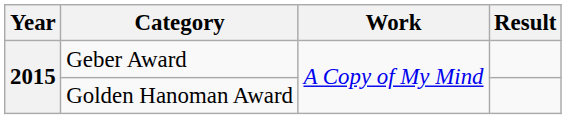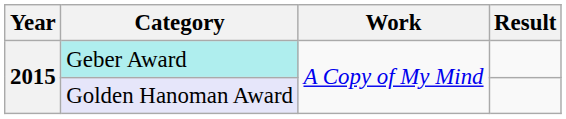 <table class="wikitable plainrowheaders sortable">
 <tr>
 <th>Year</th>
 <th>Category</th>
 <th>Work</th>
 <th>Result</th>
 </tr>
 <tr>
 <th rowspan="2">2015</th>
-<td>Geber Award</td>
+<td style="background: paleturquoise;">Geber Award</td>
 <td rowspan="2"><em><a href='#'>A Copy of My Mind</a></em></td>
 <td></td>
 </tr>
 <tr>
-<td>Golden Hanoman Award</td>
+<td style="background: lavender;">Golden Hanoman Award</td>
 <td></td>
 </tr>
 </table>
